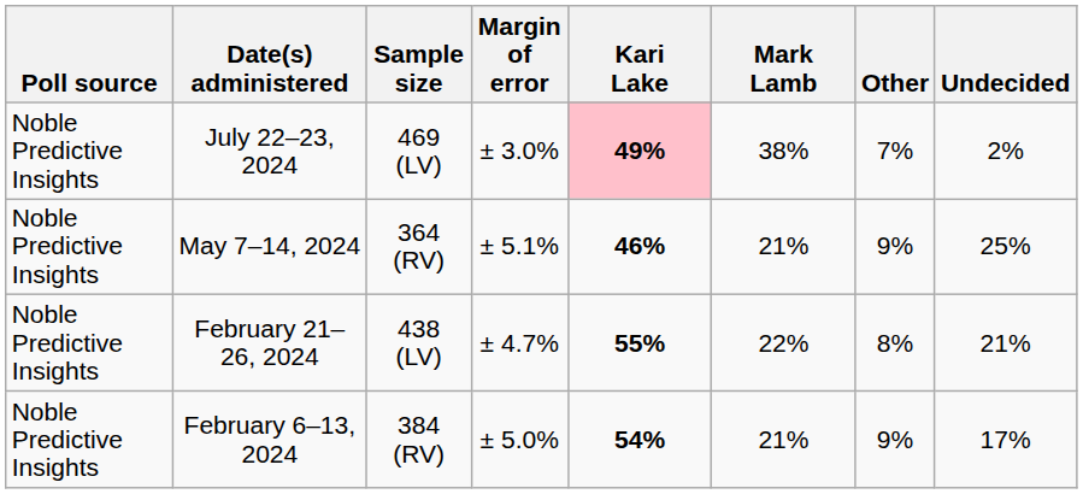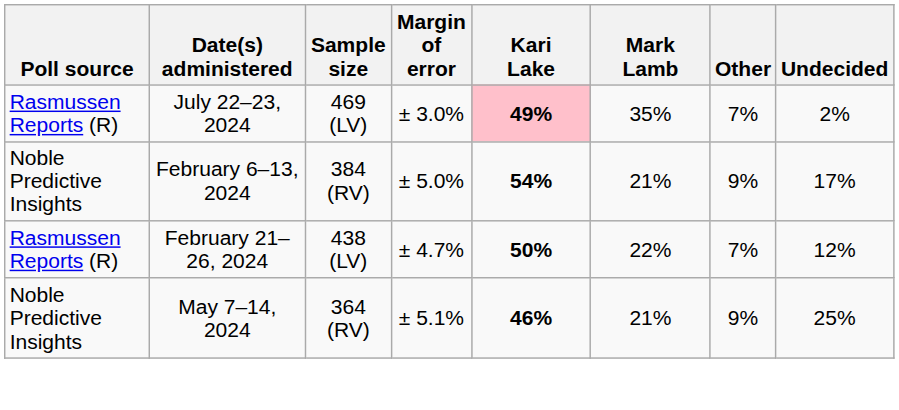 <table class="wikitable" style="font-size:90%;text-align:center;">
 <tr style="vertical-align:bottom">
 <th>Poll source</th>
 <th>Date(s)<br>administered</th>
 <th>Sample<br>size</th>
 <th>Margin<br>of error</th>
 <th style="width:75px;">Kari<br>Lake</th>
 <th style="width:75px;">Mark<br>Lamb</th>
 <th>Other</th>
 <th>Undecided</th>
 </tr>
 <tr>
-<td style="text-align:left">Noble Predictive Insights</td>
+<td style="text-align:left"><a href='#'>Rasmussen Reports</a> (R)</td>
 <td>July 22–23, 2024</td>
 <td>469 (LV)</td>
 <td>± 3.0%</td>
 <td style="background: pink;"><strong>49%</strong></td>
-<td>38%</td>
+<td>35%</td>
 <td>7%</td>
 <td>2%</td>
+</tr>
+<tr>
+<td style="text-align:left">Noble Predictive Insights</td>
+<td>February 6–13, 2024</td>
+<td>384 (RV)</td>
+<td>± 5.0%</td>
+<td><strong>54%</strong></td>
+<td>21%</td>
+<td>9%</td>
+<td>17%</td>
+</tr>
+<tr>
+<td style="text-align:left"><a href='#'>Rasmussen Reports</a> (R)</td>
+<td>February 21–26, 2024</td>
+<td>438 (LV)</td>
+<td>± 4.7%</td>
+<td><strong>50%</strong></td>
+<td>22%</td>
+<td>7%</td>
+<td>12%</td>
 </tr>
 <tr>
 <td style="text-align:left">Noble Predictive Insights</td>
 <td>May 7–14, 2024</td>
 <td>364 (RV)</td>
 <td>± 5.1%</td>
 <td><strong>46%</strong></td>
 <td>21%</td>
 <td>9%</td>
 <td>25%</td>
 </tr>
-<tr>
-<td style="text-align:left">Noble Predictive Insights</td>
-<td>February 21–26, 2024</td>
-<td>438 (LV)</td>
-<td>± 4.7%</td>
-<td><strong>55%</strong></td>
-<td>22%</td>
-<td>8%</td>
-<td>21%</td>
-</tr>
-<tr>
-<td style="text-align:left">Noble Predictive Insights</td>
-<td>February 6–13, 2024</td>
-<td>384 (RV)</td>
-<td>± 5.0%</td>
-<td><strong>54%</strong></td>
-<td>21%</td>
-<td>9%</td>
-<td>17%</td>
-</tr>
 </table>
